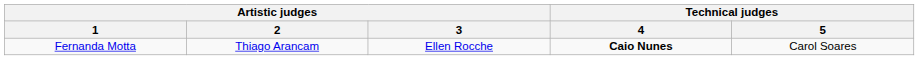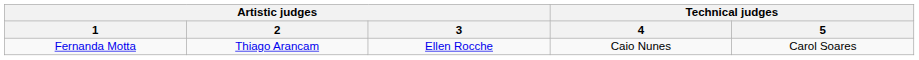 <table class="wikitable" style="font-size:100%; line-height:16px; text-align:center" width="100%">
 <tr>
 <th colspan=3>Artistic judges</th>
 <th colspan=2>Technical judges</th>
 </tr>
 <tr>
 <th width="20.0%">1</th>
 <th width="20.0%">2</th>
 <th width="20.0%">3</th>
 <th width="20.0%">4</th>
 <th width="20.0%">5</th>
 </tr>
 <tr>
 <td><a href='#'>Fernanda Motta</a></td>
 <td><a href='#'>Thiago Arancam</a></td>
 <td><a href='#'>Ellen Rocche</a></td>
-<td><strong>Caio Nunes</strong></td>
+<td>Caio Nunes</td>
 <td>Carol Soares</td>
 </tr>
 </table>
